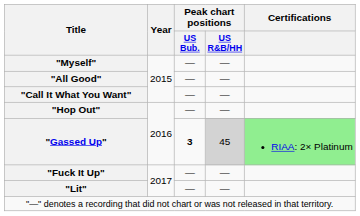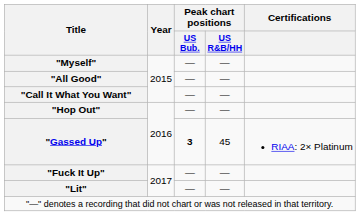 <table class="wikitable plainrowheaders" style="text-align:center;">
 <tr>
 <th scope="col" rowspan=2 style="width:14em;">Title</th>
 <th scope="col" rowspan=2>Year</th>
 <th scope="col" colspan=2>Peak chart positions</th>
 <th>Certifications</th>
 </tr>
 <tr>
 <th scope="col" style="width:3em;font-size:90%;"><a href='#'>US<br>Bub.</a><br></th>
 <th scope="col" style="width:3em;font-size:90%;"><a href='#'>US<br>R&B/HH</a><br></th>
 <th></th>
 </tr>
 <tr>
 <th scope="row">"Myself"</th>
 <td rowspan="3">2015</td>
 <td>—</td>
 <td>—</td>
 <td></td>
 </tr>
 <tr>
 <th scope="row">"All Good"</th>
 <td>—</td>
 <td>—</td>
 <td></td>
 </tr>
 <tr>
 <th scope="row">"Call It What You Want"</th>
 <td>—</td>
 <td>—</td>
 <td></td>
 </tr>
 <tr>
 <th scope="row">"Hop Out"</th>
 <td rowspan="2">2016</td>
 <td>—</td>
 <td>—</td>
 <td></td>
 </tr>
 <tr>
 <th scope="row">"<a href='#'>Gassed Up</a>"</th>
 <td><strong>3</strong></td>
-<td style="background: lightgrey;">45</td>
-<td style="background: lightgreen;"><br><ul><li><a href='#'>RIAA</a>: 2× Platinum</li></ul></td>
+<td>45</td>
+<td><br><ul><li><a href='#'>RIAA</a>: 2× Platinum</li></ul></td>
 </tr>
 <tr>
 <th scope="row">"Fuck It Up"</th>
 <td rowspan="2">2017</td>
 <td>—</td>
 <td>—</td>
 <td></td>
 </tr>
 <tr>
 <th scope="row">"Lit"</th>
 <td>—</td>
 <td>—</td>
 <td></td>
 </tr>
 <tr>
 <td colspan="5" style="font-size:90%">"—" denotes a recording that did not chart or was not released in that territory.</td>
 </tr>
 </table>
